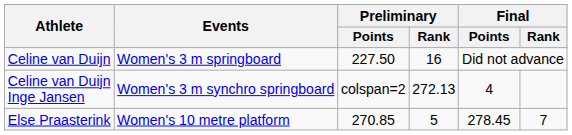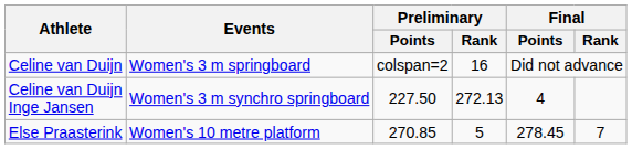 <table class="wikitable" style="font-size:90%">
 <tr>
 <th rowspan="2">Athlete</th>
 <th rowspan="2">Events</th>
 <th colspan="2">Preliminary</th>
 <th colspan="2">Final</th>
 </tr>
 <tr style="font-size:95%">
 <th>Points</th>
 <th>Rank</th>
 <th>Points</th>
 <th>Rank</th>
 </tr>
 <tr align="center">
 <td align="left"><a href='#'>Celine van Duijn</a></td>
 <td align="left"><a href='#'>Women's 3 m springboard</a></td>
-<td>227.50</td>
+<td>colspan=2 </td>
 <td>16</td>
 <td colspan=2>Did not advance</td>
 </tr>
 <tr align="center">
 <td align="left"><a href='#'>Celine van Duijn</a><br><a href='#'>Inge Jansen</a></td>
 <td align="left"><a href='#'>Women's 3 m synchro springboard</a></td>
-<td>colspan=2 </td>
+<td>227.50</td>
 <td>272.13</td>
 <td>4</td>
 </tr>
 <tr align="center">
 <td align="left"><a href='#'>Else Praasterink</a></td>
 <td align="left"><a href='#'>Women's 10 metre platform</a></td>
 <td>270.85</td>
 <td>5</td>
 <td>278.45</td>
 <td>7</td>
 </tr>
 </table>
